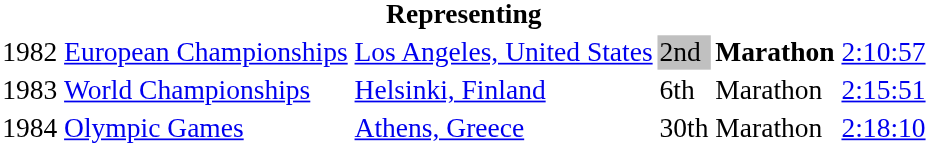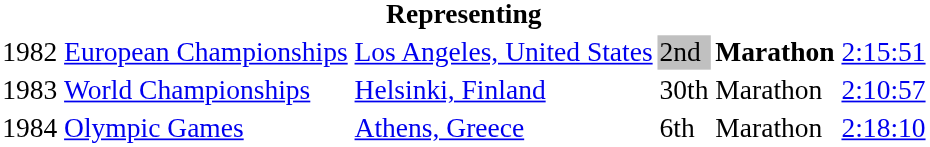 <table>
 <tr>
 <th colspan="6">Representing </th>
 </tr>
 <tr>
 <td>1982</td>
 <td><a href='#'>European Championships</a></td>
 <td><a href='#'>Los Angeles, United States</a></td>
 <td bgcolor="silver">2nd</td>
 <td><strong>Marathon</strong></td>
-<td><a href='#'>2:10:57</a></td>
+<td><a href='#'>2:15:51</a></td>
 </tr>
 <tr>
 <td>1983</td>
 <td><a href='#'>World Championships</a></td>
 <td><a href='#'>Helsinki, Finland</a></td>
-<td>6th</td>
+<td>30th</td>
 <td>Marathon</td>
-<td><a href='#'>2:15:51</a></td>
+<td><a href='#'>2:10:57</a></td>
 </tr>
 <tr>
 <td>1984</td>
 <td><a href='#'>Olympic Games</a></td>
 <td><a href='#'>Athens, Greece</a></td>
-<td>30th</td>
+<td>6th</td>
 <td>Marathon</td>
 <td><a href='#'>2:18:10</a></td>
 </tr>
 </table>
